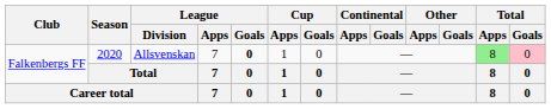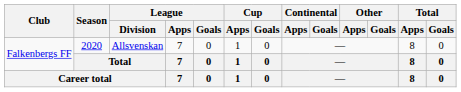 <table class="wikitable" style="text-align:center">
 <tr>
 <th rowspan="2">Club</th>
 <th rowspan="2">Season</th>
 <th colspan="3">League</th>
 <th colspan="2">Cup</th>
 <th colspan="2">Continental</th>
 <th colspan="2">Other</th>
 <th colspan="2">Total</th>
 </tr>
 <tr>
 <th>Division</th>
 <th>Apps</th>
 <th>Goals</th>
 <th>Apps</th>
 <th>Goals</th>
 <th>Apps</th>
 <th>Goals</th>
 <th>Apps</th>
 <th>Goals</th>
 <th>Apps</th>
 <th>Goals</th>
 </tr>
 <tr>
 <td rowspan="2"><a href='#'>Falkenbergs FF</a></td>
 <td><a href='#'>2020</a></td>
 <td><a href='#'>Allsvenskan</a></td>
 <td>7</td>
-<td><strong>0</strong></td>
+<td>0</td>
 <td>1</td>
 <td>0</td>
 <td colspan="4">—</td>
-<td style="background: lightgreen;">8</td>
-<td style="background: pink;">0</td>
+<td>8</td>
+<td>0</td>
 </tr>
 <tr>
 <th colspan="2">Total</th>
 <th>7</th>
 <th>0</th>
 <th>1</th>
 <th>0</th>
 <th colspan="4">—</th>
 <th>8</th>
 <th>0</th>
 </tr>
 <tr>
 <th colspan="3">Career total</th>
 <th>7</th>
 <th>0</th>
 <th>1</th>
 <th>0</th>
 <th colspan="4">—</th>
 <th>8</th>
 <th>0</th>
 </tr>
 </table>
